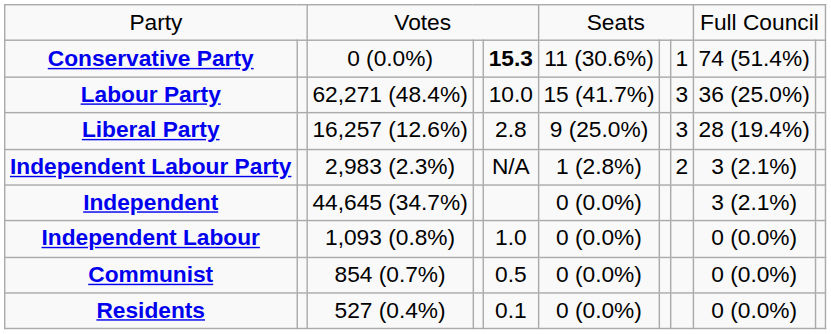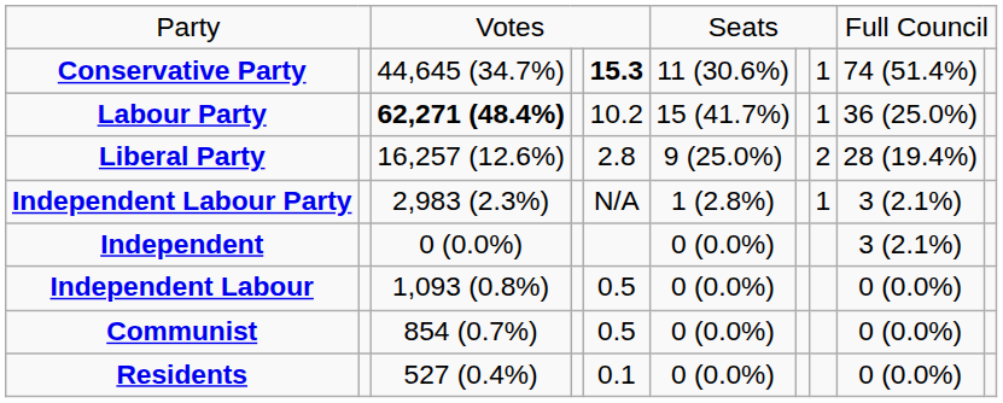 <table class=wikitable style="text-align:center;">
 <tr>
 <td colspan=2>Party</td>
 <td colspan=3>Votes</td>
 <td colspan=3>Seats</td>
 <td colspan=3>Full Council</td>
 </tr>
 <tr>
 <td><strong><a href='#'>Conservative Party</a></strong></td>
 <td style="background:"></td>
-<td>0 (0.0%)</td>
+<td>44,645 (34.7%)</td>
 <td></td>
 <td><strong> 15.3</strong></td>
 <td>11 (30.6%)</td>
 <td></td>
 <td> 1</td>
 <td>74 (51.4%)</td>
 <td></td>
 </tr>
 <tr>
 <td><strong><a href='#'>Labour Party</a></strong></td>
 <td style="background:"></td>
-<td>62,271 (48.4%)</td>
+<td><strong>62,271 (48.4%)</strong></td>
 <td></td>
-<td> 10.0</td>
+<td> 10.2</td>
 <td>15 (41.7%)</td>
 <td></td>
-<td> 3</td>
+<td> 1</td>
 <td>36 (25.0%)</td>
 <td></td>
 </tr>
 <tr>
 <td><strong><a href='#'>Liberal Party</a></strong></td>
 <td style="background:"></td>
 <td>16,257 (12.6%)</td>
 <td></td>
 <td> 2.8</td>
 <td>9 (25.0%)</td>
 <td></td>
-<td> 3</td>
+<td> 2</td>
 <td>28 (19.4%)</td>
 <td></td>
 </tr>
 <tr>
 <td><strong><a href='#'>Independent Labour Party</a></strong></td>
 <td style="background:"></td>
 <td>2,983 (2.3%)</td>
 <td></td>
 <td>N/A</td>
 <td>1 (2.8%)</td>
 <td></td>
-<td> 2</td>
+<td> 1</td>
 <td>3 (2.1%)</td>
 <td></td>
 </tr>
 <tr>
 <td><strong><a href='#'>Independent</a></strong></td>
 <td style="background:"></td>
-<td>44,645 (34.7%)</td>
+<td>0 (0.0%)</td>
 <td></td>
 <td></td>
 <td>0 (0.0%)</td>
 <td></td>
 <td></td>
 <td>3 (2.1%)</td>
 <td></td>
 </tr>
 <tr>
 <td><strong><a href='#'>Independent Labour</a></strong></td>
 <td style="background:"></td>
 <td>1,093 (0.8%)</td>
 <td></td>
-<td> 1.0</td>
+<td> 0.5</td>
 <td>0 (0.0%)</td>
 <td></td>
 <td></td>
 <td>0 (0.0%)</td>
 <td></td>
 </tr>
 <tr>
 <td><strong><a href='#'>Communist</a></strong></td>
 <td style="background:"></td>
 <td>854 (0.7%)</td>
 <td></td>
 <td> 0.5</td>
 <td>0 (0.0%)</td>
 <td></td>
 <td></td>
 <td>0 (0.0%)</td>
 <td></td>
 </tr>
 <tr>
 <td><strong><a href='#'>Residents</a></strong></td>
 <td style="background:"></td>
 <td>527 (0.4%)</td>
 <td></td>
 <td> 0.1</td>
 <td>0 (0.0%)</td>
 <td></td>
 <td></td>
 <td>0 (0.0%)</td>
 <td></td>
 </tr>
 </table>
